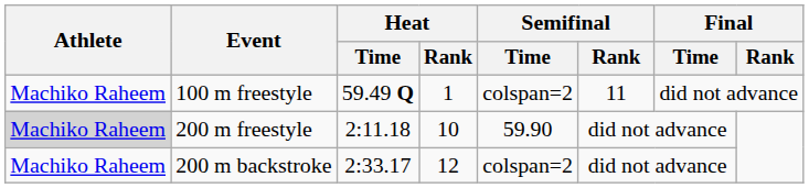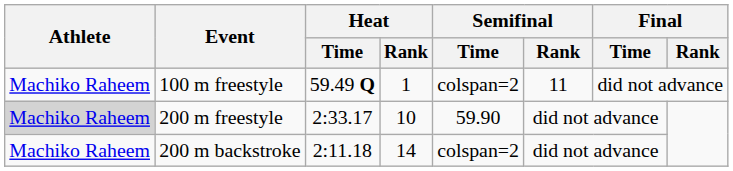 <table class=wikitable style="font-size:90%">
 <tr>
 <th rowspan=2>Athlete</th>
 <th rowspan=2>Event</th>
 <th colspan="2">Heat</th>
 <th colspan="2">Semifinal</th>
 <th colspan="2">Final</th>
 </tr>
 <tr style="font-size:95%">
 <th>Time</th>
 <th>Rank</th>
 <th>Time</th>
 <th>Rank</th>
 <th>Time</th>
 <th>Rank</th>
 </tr>
 <tr align=center>
 <td align=left><a href='#'>Machiko Raheem</a></td>
 <td align=left>100 m freestyle</td>
 <td>59.49 <strong>Q</strong></td>
 <td>1</td>
 <td>colspan=2 </td>
 <td>11</td>
 <td colspan=2>did not advance</td>
 </tr>
 <tr align=center>
 <td align=left style="background: lightgrey;"><a href='#'>Machiko Raheem</a></td>
 <td align=left>200 m freestyle</td>
-<td>2:11.18</td>
+<td>2:33.17</td>
 <td>10</td>
 <td>59.90</td>
 <td colspan=2>did not advance</td>
 </tr>
 <tr align=center>
 <td align=left><a href='#'>Machiko Raheem</a></td>
 <td align=left>200 m backstroke</td>
-<td>2:33.17</td>
-<td>12</td>
+<td>2:11.18</td>
+<td>14</td>
 <td>colspan=2 </td>
 <td colspan=2>did not advance</td>
 </tr>
 </table>
